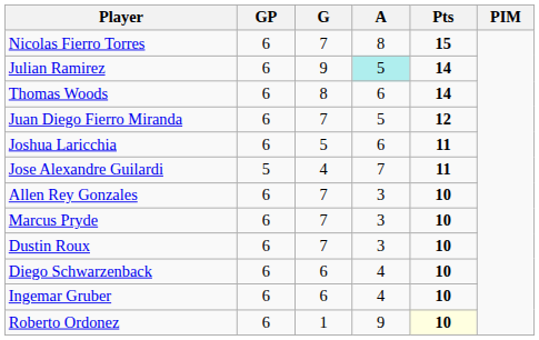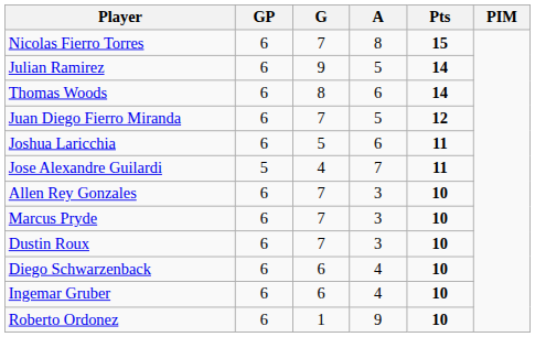 <table class="wikitable sortable" style="text-align:center;">
 <tr>
 <th style="width:225px;">Player</th>
 <th style="width:50px;">GP</th>
 <th style="width:50px;">G</th>
 <th style="width:50px;">A</th>
 <th style="width:60px;">Pts</th>
 <th style="width:50px;">PIM</th>
 </tr>
 <tr>
 <td style="text-align:left;"> <a href='#'>Nicolas Fierro Torres</a></td>
 <td>6</td>
 <td>7</td>
 <td>8</td>
 <td><strong>15</strong></td>
 </tr>
 <tr>
 <td style="text-align:left;"> <a href='#'>Julian Ramirez</a></td>
 <td>6</td>
 <td>9</td>
-<td style="background: paleturquoise;">5</td>
+<td>5</td>
 <td><strong>14</strong></td>
 </tr>
 <tr>
 <td style="text-align:left;"> <a href='#'>Thomas Woods</a></td>
 <td>6</td>
 <td>8</td>
 <td>6</td>
 <td><strong>14</strong></td>
 </tr>
 <tr>
 <td style="text-align:left;"> <a href='#'>Juan Diego Fierro Miranda</a></td>
 <td>6</td>
 <td>7</td>
 <td>5</td>
 <td><strong>12</strong></td>
 </tr>
 <tr>
 <td style="text-align:left;"> <a href='#'>Joshua Laricchia</a></td>
 <td>6</td>
 <td>5</td>
 <td>6</td>
 <td><strong>11</strong></td>
 </tr>
 <tr>
 <td style="text-align:left;"> <a href='#'>Jose Alexandre Guilardi</a></td>
 <td>5</td>
 <td>4</td>
 <td>7</td>
 <td><strong>11</strong></td>
 </tr>
 <tr>
 <td style="text-align:left;"> <a href='#'>Allen Rey Gonzales</a></td>
 <td>6</td>
 <td>7</td>
 <td>3</td>
 <td><strong>10</strong></td>
 </tr>
 <tr>
 <td style="text-align:left;"> <a href='#'>Marcus Pryde</a></td>
 <td>6</td>
 <td>7</td>
 <td>3</td>
 <td><strong>10</strong></td>
 </tr>
 <tr>
 <td style="text-align:left;"> <a href='#'>Dustin Roux</a></td>
 <td>6</td>
 <td>7</td>
 <td>3</td>
 <td><strong>10</strong></td>
 </tr>
 <tr>
 <td style="text-align:left;"> <a href='#'>Diego Schwarzenback</a></td>
 <td>6</td>
 <td>6</td>
 <td>4</td>
 <td><strong>10</strong></td>
 </tr>
 <tr>
 <td style="text-align:left;"> <a href='#'>Ingemar Gruber</a></td>
 <td>6</td>
 <td>6</td>
 <td>4</td>
 <td><strong>10</strong></td>
 </tr>
 <tr>
 <td style="text-align:left;"> <a href='#'>Roberto Ordonez</a></td>
 <td>6</td>
 <td>1</td>
 <td>9</td>
-<td style="background: lightyellow;"><strong>10</strong></td>
+<td><strong>10</strong></td>
 </tr>
 </table>
